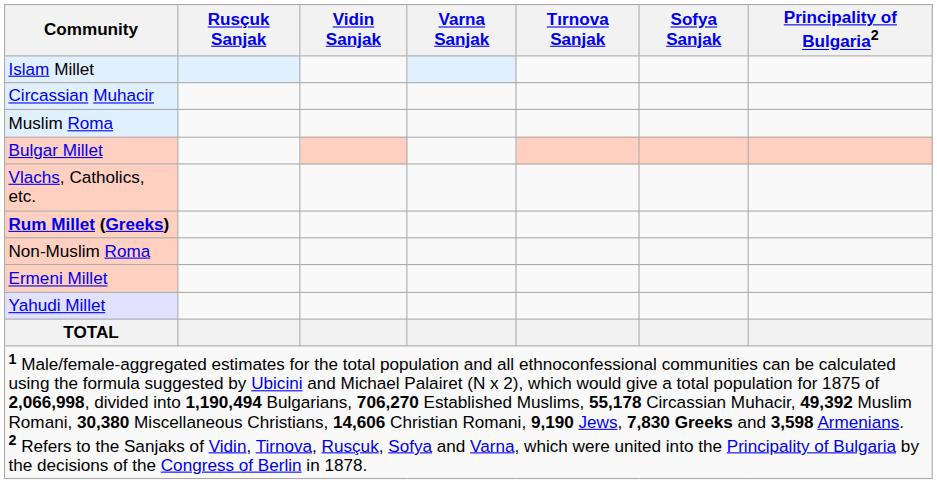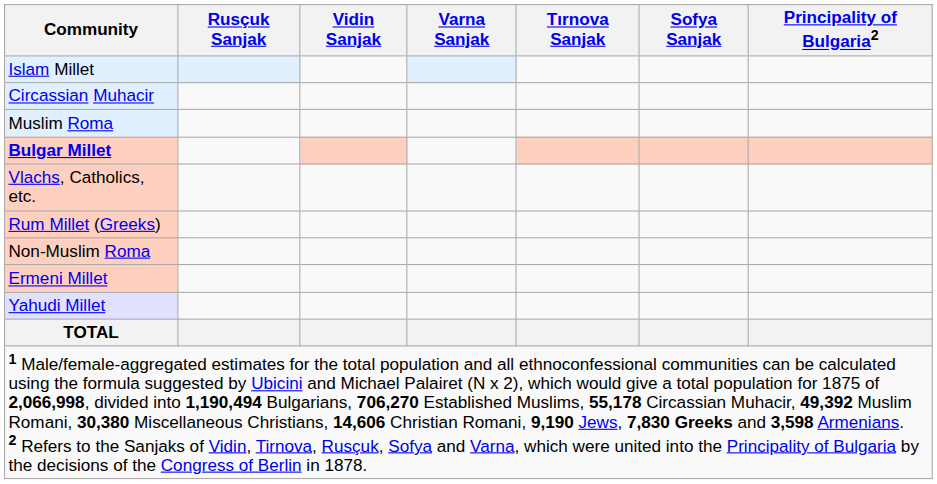 <table class="wikitable sortable">
 <tr>
 <th>Community</th>
 <th><a href='#'>Rusçuk</a> <a href='#'>Sanjak</a></th>
 <th><a href='#'>Vidin</a> <a href='#'>Sanjak</a></th>
 <th><a href='#'>Varna</a> <a href='#'>Sanjak</a></th>
 <th><a href='#'>Tırnova</a> <a href='#'>Sanjak</a></th>
 <th><a href='#'>Sofya</a> <a href='#'>Sanjak</a></th>
 <th><a href='#'>Principality of Bulgaria</a><sup><strong>2</strong></sup></th>
 </tr>
 <tr>
 <td style="background:#E0F0FF;"><a href='#'>Islam</a> Millet</td>
 <td style="background:#E0F0FF;"></td>
 <td></td>
 <td style="background:#E0F0FF;"></td>
 <td></td>
 <td></td>
 <td></td>
 </tr>
 <tr>
 <td style="background:#E0F0FF;"><a href='#'>Circassian</a> <a href='#'>Muhacir</a></td>
 <td></td>
 <td></td>
 <td></td>
 <td></td>
 <td></td>
 <td></td>
 </tr>
 <tr>
 <td style="background:#E0F0FF;">Muslim <a href='#'>Roma</a></td>
 <td></td>
 <td></td>
 <td></td>
 <td></td>
 <td></td>
 <td></td>
 </tr>
 <tr>
-<td style="background:#FFD0C0;"><a href='#'>Bulgar Millet</a></td>
+<td style="background:#FFD0C0;"><strong><a href='#'>Bulgar Millet</a></strong></td>
 <td></td>
 <td style="background:#FFD0C0;"></td>
 <td></td>
 <td style="background:#FFD0C0;"></td>
 <td style="background:#FFD0C0;"></td>
 <td style="background:#FFD0C0;"></td>
 </tr>
 <tr>
 <td style="background:#FFD0C0;"><a href='#'>Vlachs</a>, Catholics, etc.</td>
 <td></td>
 <td></td>
 <td></td>
 <td></td>
 <td></td>
 <td></td>
 </tr>
 <tr>
-<td style="background:#FFD0C0;"><strong><a href='#'>Rum Millet</a> (<a href='#'>Greeks</a>)</strong></td>
+<td style="background:#FFD0C0;"><a href='#'>Rum Millet</a> (<a href='#'>Greeks</a>)</td>
 <td></td>
 <td></td>
 <td></td>
 <td></td>
 <td></td>
 <td></td>
 </tr>
 <tr>
 <td style="background:#FFD0C0;">Non-Muslim <a href='#'>Roma</a></td>
 <td></td>
 <td></td>
 <td></td>
 <td></td>
 <td></td>
 <td></td>
 </tr>
 <tr>
 <td style="background:#FFD0C0;"><a href='#'>Ermeni Millet</a></td>
 <td></td>
 <td></td>
 <td></td>
 <td></td>
 <td></td>
 <td></td>
 </tr>
 <tr>
 <td style="background:#E0E0FF;"><a href='#'>Yahudi Millet</a></td>
 <td></td>
 <td></td>
 <td></td>
 <td></td>
 <td></td>
 <td></td>
 </tr>
 <tr>
 <th><strong>TOTAL</strong></th>
 <th></th>
 <th></th>
 <th></th>
 <th></th>
 <th></th>
 <th></th>
 </tr>
 <tr>
 <td colspan="11"><div><sup><strong>1</strong></sup> Male/female-aggregated estimates for the total population and all ethnoconfessional communities can be calculated using the formula suggested by <a href='#'>Ubicini</a> and Michael Palairet (N x 2), which would give a total population for 1875 of <strong>2,066,998</strong>, divided into <strong>1,190,494</strong> Bulgarians, <strong>706,270</strong> Established Muslims, <strong>55,178</strong> Circassian Muhacir, <strong>49,392</strong> Muslim Romani, <strong>30,380</strong> Miscellaneous Christians, <strong>14,606</strong> Christian Romani, <strong>9,190</strong> <a href='#'>Jews</a>, <strong>7,830 Greeks</strong> and <strong>3,598</strong> <a href='#'>Armenians</a>.<br><sup><strong>2</strong></sup> Refers to the Sanjaks of <a href='#'>Vidin</a>, <a href='#'>Tirnova</a>, <a href='#'>Rusçuk</a>, <a href='#'>Sofya</a> and <a href='#'>Varna</a>, which were united into the <a href='#'>Principality of Bulgaria</a> by the decisions of the <a href='#'>Congress of Berlin</a> in 1878.</div></td>
 </tr>
 </table>
